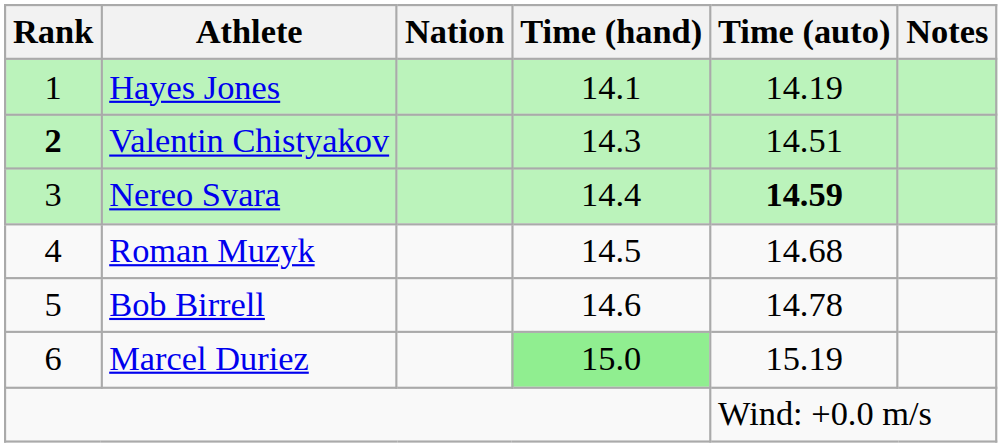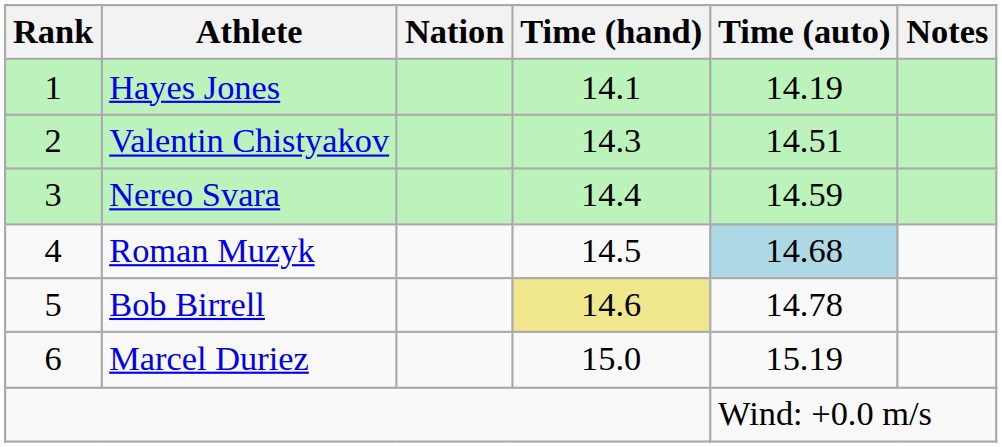 <table class="wikitable sortable" style="text-align:center">
 <tr>
 <th>Rank</th>
 <th>Athlete</th>
 <th>Nation</th>
 <th>Time (hand)</th>
 <th>Time (auto)</th>
 <th>Notes</th>
 </tr>
 <tr bgcolor=bbf3bb>
 <td>1</td>
 <td align=left><a href='#'>Hayes Jones</a></td>
 <td align=left></td>
 <td>14.1</td>
 <td>14.19</td>
 <td></td>
 </tr>
 <tr bgcolor=bbf3bb>
-<td><strong>2</strong></td>
+<td>2</td>
 <td align=left><a href='#'>Valentin Chistyakov</a></td>
 <td align=left></td>
 <td>14.3</td>
 <td>14.51</td>
 <td></td>
 </tr>
 <tr bgcolor=bbf3bb>
 <td>3</td>
 <td align=left><a href='#'>Nereo Svara</a></td>
 <td align=left></td>
 <td>14.4</td>
-<td><strong>14.59</strong></td>
+<td>14.59</td>
 <td></td>
 </tr>
 <tr>
 <td>4</td>
 <td align=left><a href='#'>Roman Muzyk</a></td>
 <td align=left></td>
 <td>14.5</td>
-<td>14.68</td>
+<td style="background: lightblue;">14.68</td>
 <td></td>
 </tr>
 <tr>
 <td>5</td>
 <td align=left><a href='#'>Bob Birrell</a></td>
 <td align=left></td>
-<td>14.6</td>
+<td style="background: khaki;">14.6</td>
 <td>14.78</td>
 <td></td>
 </tr>
 <tr>
 <td>6</td>
 <td align=left><a href='#'>Marcel Duriez</a></td>
 <td align=left></td>
-<td style="background: lightgreen;">15.0</td>
+<td>15.0</td>
 <td>15.19</td>
 <td></td>
 </tr>
 <tr class="sortbottom">
 <td colspan=4></td>
 <td colspan="2" style="text-align:left;">Wind: +0.0 m/s</td>
 </tr>
 </table>
